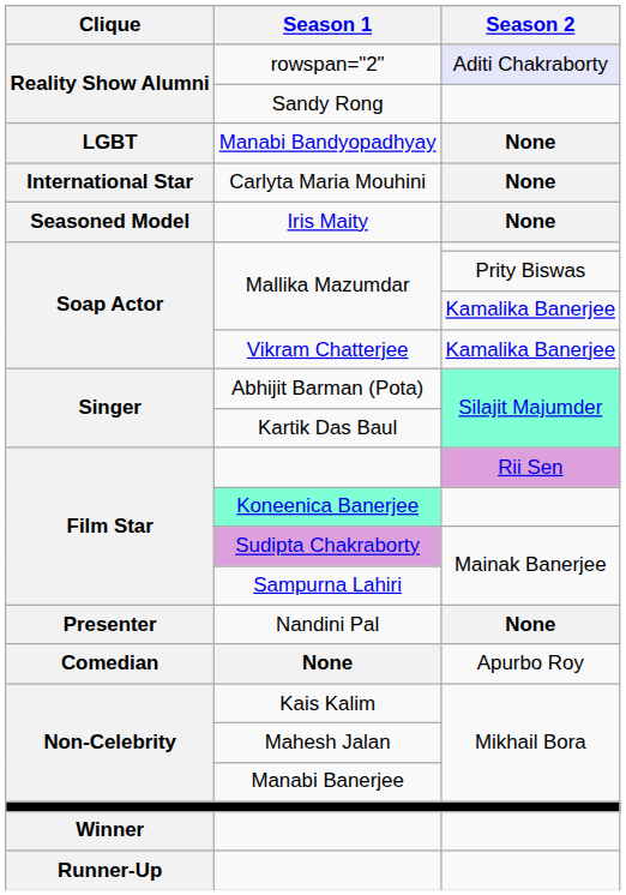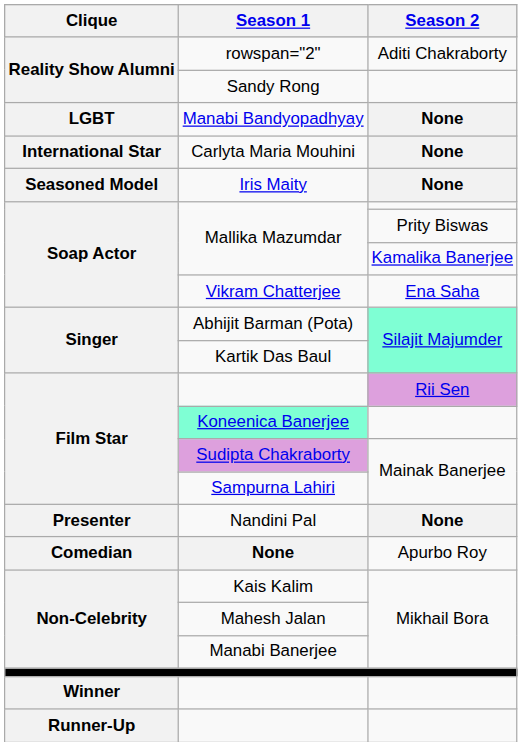 <table class="wikitable sortable" style="text-align:center;font-size: 85%; line-height:20px; width:auto;">
 <tr bgcolor="#CCCCCC" align="center">
 <th>Clique</th>
 <th><a href='#'>Season 1</a></th>
 <th><a href='#'>Season 2</a></th>
 </tr>
 <tr>
 <th rowspan="2" bgcolor="#CCCCCC"><strong>Reality Show Alumni</strong></th>
 <td>rowspan="2" </td>
-<td style="background: lavender;">Aditi Chakraborty</td>
+<td>Aditi Chakraborty</td>
 </tr>
 <tr>
 <td>Sandy Rong</td>
 </tr>
 <tr>
 <th bgcolor="#CCCCCC"><strong>LGBT</strong></th>
 <td><a href='#'>Manabi Bandyopadhyay</a></td>
 <th>None</th>
 </tr>
 <tr>
 <th bgcolor="#CCCCCC"><strong>International Star</strong></th>
 <td>Carlyta Maria Mouhini</td>
 <th>None</th>
 </tr>
 <tr>
 <th bgcolor="#CCCCCC"><strong>Seasoned Model</strong></th>
 <td><a href='#'>Iris Maity</a></td>
 <th>None</th>
 </tr>
 <tr>
 <th rowspan="4" bgcolor="#CCCCCC"><strong>Soap Actor</strong></th>
 <td rowspan="3">Mallika Mazumdar</td>
 <td></td>
 </tr>
 <tr Srabanti Banerjee>
 <td>Prity Biswas</td>
 </tr>
 <tr>
 <td><a href='#'>Kamalika Banerjee</a></td>
 </tr>
 <tr>
 <td><a href='#'>Vikram Chatterjee</a></td>
-<td><a href='#'>Kamalika Banerjee</a></td>
+<td><a href='#'>Ena Saha</a></td>
 </tr>
 <tr>
 <th rowspan="2" bgcolor="#CCCCCC"><strong>Singer</strong></th>
 <td>Abhijit Barman (Pota)</td>
 <td rowspan="2" style="background:#7FFFD4"><a href='#'>Silajit Majumder</a></td>
 </tr>
 <tr>
 <td>Kartik Das Baul</td>
 </tr>
 <tr>
 <th rowspan="4" bgcolor="#CCCCCC"><strong>Film Star</strong></th>
 <td></td>
 <td style="background:#DDA0DD"><a href='#'>Rii Sen</a></td>
 </tr>
 <tr>
 <td style="background:#7FFFD4"><a href='#'>Koneenica Banerjee</a></td>
 <td></td>
 </tr>
 <tr>
 <td style="background:#DDA0DD"><a href='#'>Sudipta Chakraborty</a></td>
 <td rowspan="2">Mainak Banerjee</td>
 </tr>
 <tr>
 <td><a href='#'>Sampurna Lahiri</a></td>
 </tr>
 <tr>
 <th bgcolor="#CCCCCC">Presenter</th>
 <td>Nandini Pal</td>
 <th bgcolor="#CCCCCC"><strong>None</strong></th>
 </tr>
 <tr>
 <th bgcolor="#CCCCCC"><strong>Comedian</strong></th>
 <th>None</th>
 <td>Apurbo Roy</td>
 </tr>
 <tr>
 <th rowspan="3" bgcolor="#CCCCCC"><strong>Non-Celebrity</strong></th>
 <td>Kais Kalim</td>
 <td rowspan="3">Mikhail Bora</td>
 </tr>
 <tr>
 <td>Mahesh Jalan</td>
 </tr>
 <tr>
 <td>Manabi Banerjee</td>
 </tr>
 <tr>
 <td colspan="5" bgcolor="black"></td>
 </tr>
 <tr>
 <th bgcolor="#CCCCCC"><strong>Winner</strong></th>
 <td></td>
 <td></td>
 </tr>
 <tr>
 <th bgcolor="#CCCCCC"><strong>Runner-Up</strong></th>
 <td></td>
 <td></td>
 </tr>
 </table>
